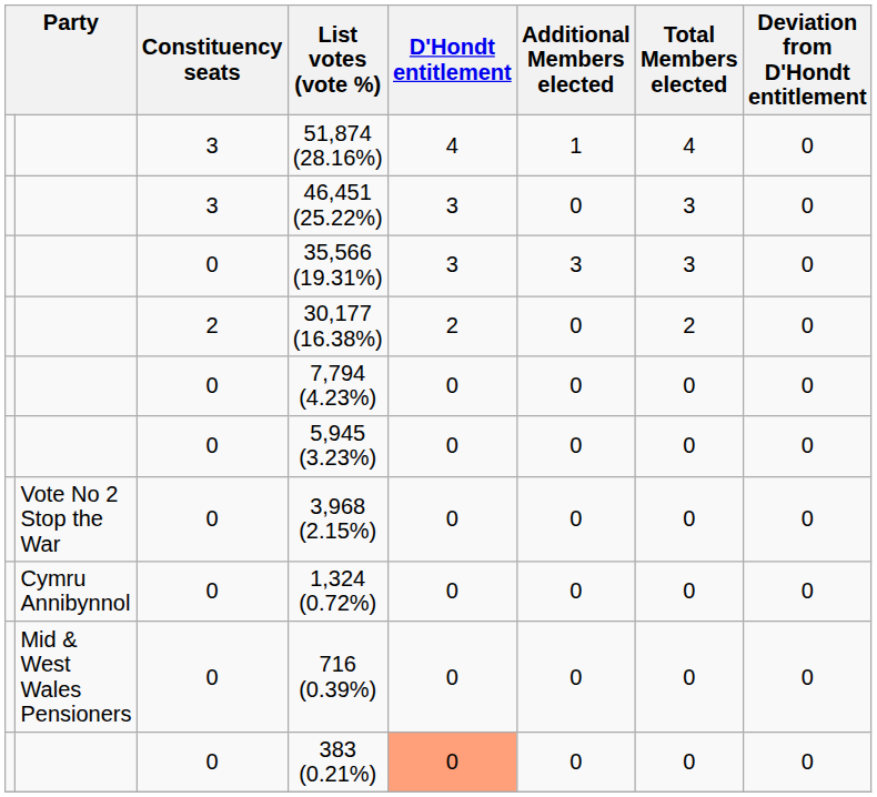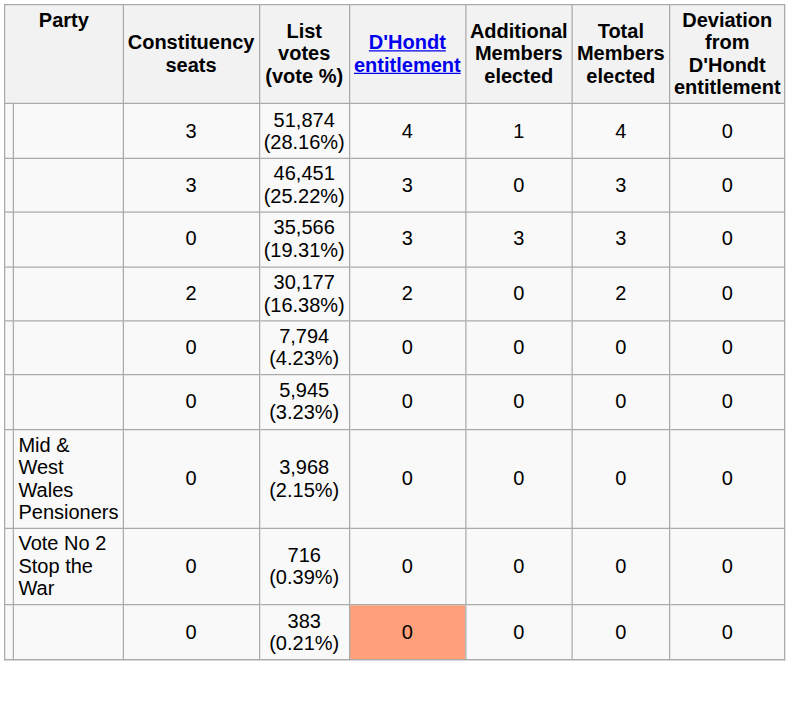 <table class="wikitable" style="text-align:center">
 <tr>
 <th colspan="2" rowspan="1" align="center" valign="top">Party</th>
 <th>Constituency<br>seats</th>
 <th>List<br>votes (vote %)</th>
 <th><a href='#'>D'Hondt<br>entitlement</a></th>
 <th>Additional<br>Members<br>elected</th>
 <th>Total<br>Members<br>elected</th>
 <th>Deviation<br>from<br>D'Hondt<br>entitlement</th>
 </tr>
 <tr>
 <td style="width: 4px"></td>
 <td style="text-align: left;" scope="row"><strong><a href='#'></a></strong></td>
 <td>3</td>
 <td>51,874 (28.16%)</td>
 <td>4</td>
 <td>1</td>
 <td>4</td>
 <td>0</td>
 </tr>
 <tr>
 <td style="width: 4px"></td>
 <td style="text-align: left;" scope="row"><strong><a href='#'></a></strong></td>
 <td>3</td>
 <td>46,451 (25.22%)</td>
 <td>3</td>
 <td>0</td>
 <td>3</td>
 <td>0</td>
 </tr>
 <tr>
 <td style="width: 4px"></td>
 <td style="text-align: left;" scope="row"><strong><a href='#'></a></strong></td>
 <td>0</td>
 <td>35,566 (19.31%)</td>
 <td>3</td>
 <td>3</td>
 <td>3</td>
 <td>0</td>
 </tr>
 <tr>
 <td style="width: 4px"></td>
 <td style="text-align: left;" scope="row"><strong><a href='#'></a></strong></td>
 <td>2</td>
 <td>30,177 (16.38%)</td>
 <td>2</td>
 <td>0</td>
 <td>2</td>
 <td>0</td>
 </tr>
 <tr>
 <td style="width: 4px"></td>
 <td style="text-align: left;" scope="row"><a href='#'></a></td>
 <td>0</td>
 <td>7,794 (4.23%)</td>
 <td>0</td>
 <td>0</td>
 <td>0</td>
 <td>0</td>
 </tr>
 <tr>
 <td style="width: 4px"></td>
 <td style="text-align: left;" scope="row"><a href='#'></a></td>
 <td>0</td>
 <td>5,945 (3.23%)</td>
 <td>0</td>
 <td>0</td>
 <td>0</td>
 <td>0</td>
 </tr>
 <tr>
 <td></td>
-<td style="text-align: left;" scope="row">Vote No 2 Stop the War</td>
+<td style="text-align: left;" scope="row">Mid & West Wales Pensioners</td>
 <td>0</td>
 <td>3,968 (2.15%)</td>
 <td>0</td>
 <td>0</td>
 <td>0</td>
 <td>0</td>
 </tr>
 <tr>
 <td></td>
-<td style="text-align: left;" scope="row">Cymru Annibynnol</td>
-<td>0</td>
-<td>1,324 (0.72%)</td>
-<td>0</td>
-<td>0</td>
-<td>0</td>
-<td>0</td>
-</tr>
-<tr>
-<td></td>
-<td style="text-align: left;" scope="row">Mid & West Wales Pensioners</td>
+<td style="text-align: left;" scope="row">Vote No 2 Stop the War</td>
 <td>0</td>
 <td>716 (0.39%)</td>
 <td>0</td>
 <td>0</td>
 <td>0</td>
 <td>0</td>
 </tr>
 <tr>
 <td style="width: 4px"></td>
 <td style="text-align: left;" scope="row"><a href='#'></a></td>
 <td>0</td>
 <td>383 (0.21%)</td>
 <td style="background: lightsalmon;">0</td>
 <td>0</td>
 <td>0</td>
 <td>0</td>
 </tr>
 <tr>
 </tr>
 </table>
